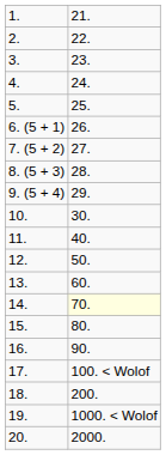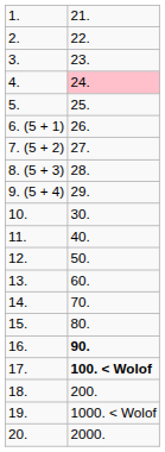 <table class="wikitable">
 <tr>
 <td>1. </td>
 <td>21. </td>
 </tr>
 <tr>
 <td>2. </td>
 <td>22. </td>
 </tr>
 <tr>
 <td>3. </td>
 <td>23. </td>
 </tr>
 <tr>
 <td>4. </td>
-<td>24. </td>
+<td style="background: pink;">24. </td>
 </tr>
 <tr>
 <td>5. </td>
 <td>25. </td>
 </tr>
 <tr>
 <td>6.  (5 + 1)</td>
 <td>26. </td>
 </tr>
 <tr>
 <td>7.  (5 + 2)</td>
 <td>27. </td>
 </tr>
 <tr>
 <td>8.  (5 + 3)</td>
 <td>28. </td>
 </tr>
 <tr>
 <td>9.  (5 + 4)</td>
 <td>29. </td>
 </tr>
 <tr>
 <td>10. </td>
 <td>30. </td>
 </tr>
 <tr>
 <td>11. </td>
 <td>40. </td>
 </tr>
 <tr>
 <td>12. </td>
 <td>50. </td>
 </tr>
 <tr>
 <td>13. </td>
 <td>60. </td>
 </tr>
 <tr>
 <td>14. </td>
-<td style="background: lightyellow;">70. </td>
+<td>70. </td>
 </tr>
 <tr>
 <td>15. </td>
 <td>80. </td>
 </tr>
 <tr>
 <td>16. </td>
-<td>90. </td>
+<td><strong>90. </strong></td>
 </tr>
 <tr>
 <td>17. </td>
-<td>100.  < Wolof</td>
+<td><strong>100.  < Wolof</strong></td>
 </tr>
 <tr>
 <td>18. </td>
 <td>200. </td>
 </tr>
 <tr>
 <td>19. </td>
 <td>1000.  < Wolof</td>
 </tr>
 <tr>
 <td>20. </td>
 <td>2000. </td>
 </tr>
 </table>
